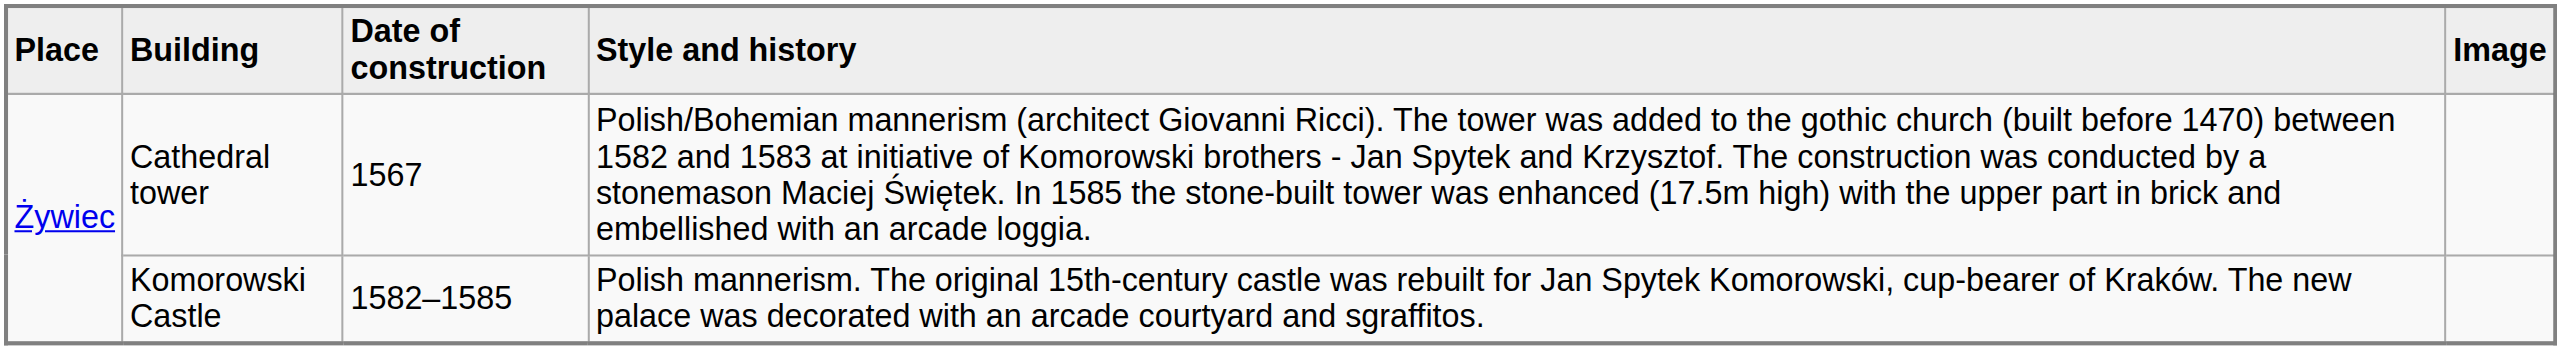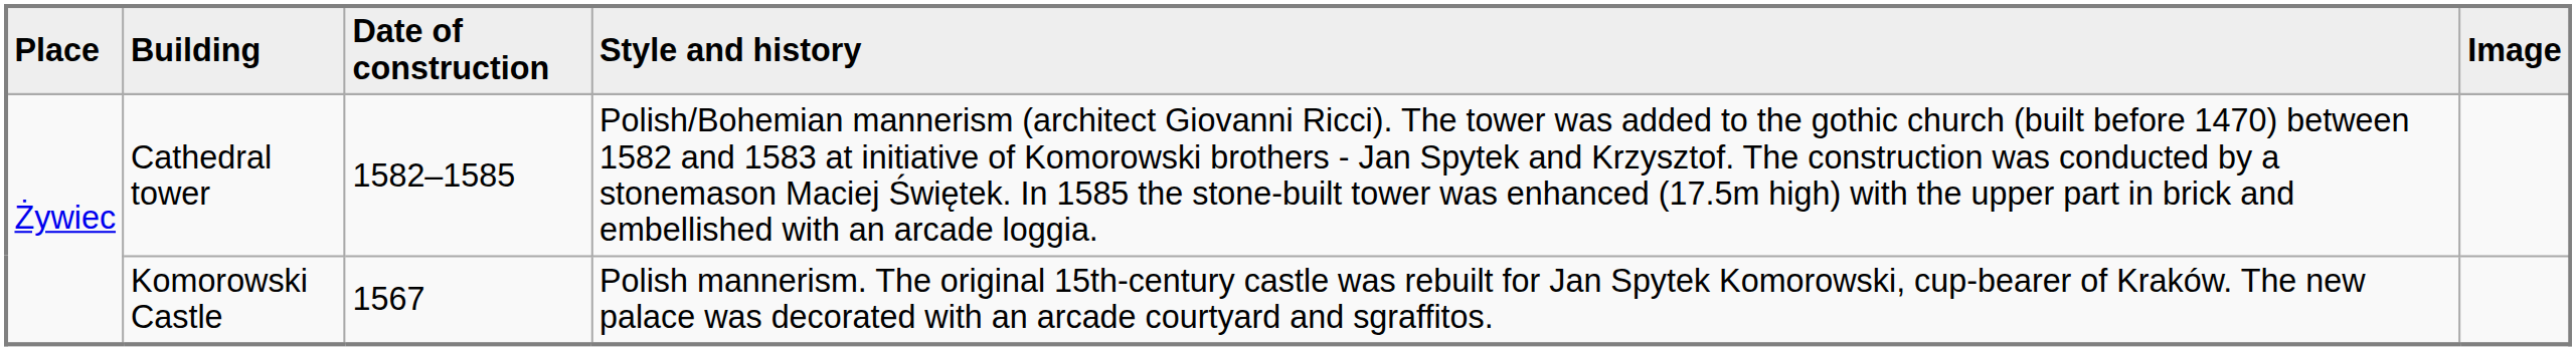 <table class="wikitable" style="border: 2px solid gray; border-collapse: collapse;" width="100%">
 <tr>
 <td bgcolor="#EEEEEE"><strong>Place</strong></td>
 <td bgcolor="#EEEEEE"><strong>Building</strong></td>
 <td bgcolor="#EEEEEE"><strong>Date of construction</strong></td>
 <td bgcolor="#EEEEEE"><strong>Style and history</strong></td>
 <td bgcolor="#EEEEEE"><strong>Image</strong></td>
 </tr>
 <tr>
 </tr>
 <tr>
 <td rowspan=2><a href='#'>Żywiec</a></td>
 <td>Cathedral tower</td>
-<td>1567</td>
+<td>1582–1585</td>
 <td>Polish/Bohemian mannerism (architect Giovanni Ricci). The tower was added to the gothic church (built before 1470) between 1582 and 1583 at initiative of Komorowski brothers - Jan Spytek and Krzysztof. The construction was conducted by a stonemason Maciej Świętek. In 1585 the stone-built tower was enhanced (17.5m high) with the upper part in brick and embellished with an arcade loggia.</td>
 <td></td>
 </tr>
 <tr>
 <td>Komorowski Castle</td>
-<td>1582–1585</td>
+<td>1567</td>
 <td>Polish mannerism. The original 15th-century castle was rebuilt for Jan Spytek Komorowski, cup-bearer of Kraków. The new palace was decorated with an arcade courtyard and sgraffitos.</td>
 <td></td>
 </tr>
 <tr>
 </tr>
 </table>
